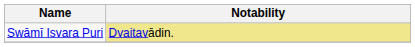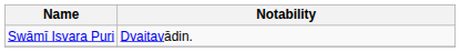 <table class="wikitable">
 <tr>
 <th width=25%>Name</th>
 <th>Notability</th>
 </tr>
 <tr>
 <td><a href='#'>Swāmī Isvara Puri</a></td>
-<td style="background: khaki;"><a href='#'>Dvaitav</a>ādin.</td>
+<td><a href='#'>Dvaitav</a>ādin.</td>
 </tr>
 <tr>
 </tr>
 </table>
